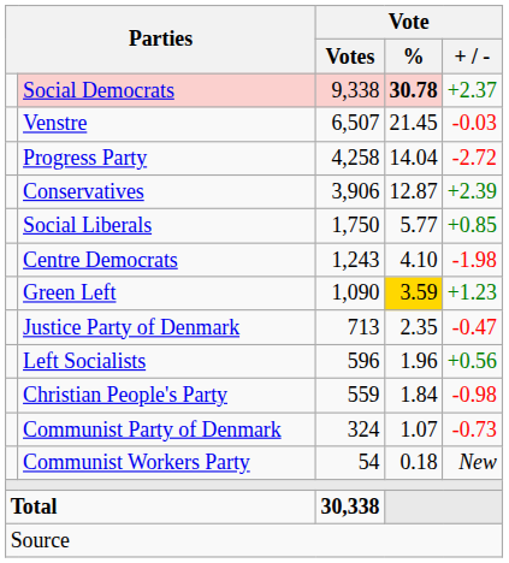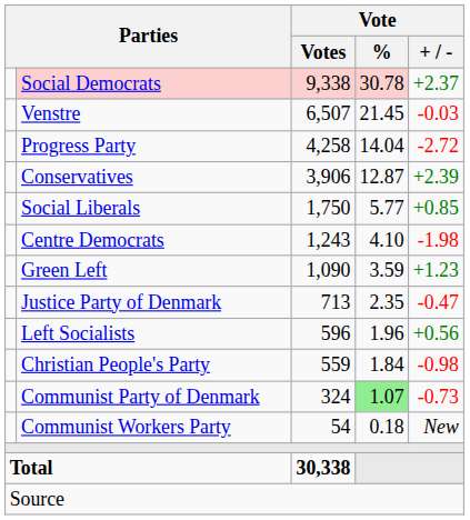 <table class="wikitable" style="text-align:right;">
 <tr>
 <th style="text-align:centre;" rowspan="2" colspan="2" width="225">Parties</th>
 <th colspan="3">Vote</th>
 </tr>
 <tr>
 <th width="15">Votes</th>
 <th width="15">%</th>
 <th width="15">+ / -</th>
 </tr>
 <tr>
 <td width="2" style="color:inherit;background:"></td>
 <td bgcolor=#fbd0ce  align="left"><a href='#'>Social Democrats</a></td>
 <td bgcolor=#fbd0ce>9,338</td>
-<td bgcolor=#fbd0ce><strong>30.78</strong></td>
+<td bgcolor=#fbd0ce>30.78</td>
 <td style=color:green;>+2.37</td>
 </tr>
 <tr>
 <td width="2" style="color:inherit;background:"></td>
 <td align="left"><a href='#'>Venstre</a></td>
 <td>6,507</td>
 <td>21.45</td>
 <td style=color:red;>-0.03</td>
 </tr>
 <tr>
 <td width="2" style="color:inherit;background:"></td>
 <td align="left"><a href='#'>Progress Party</a></td>
 <td>4,258</td>
 <td>14.04</td>
 <td style=color:red;>-2.72</td>
 </tr>
 <tr>
 <td width="2" style="color:inherit;background:"></td>
 <td align="left"><a href='#'>Conservatives</a></td>
 <td>3,906</td>
 <td>12.87</td>
 <td style=color:green;>+2.39</td>
 </tr>
 <tr>
 <td width="2" style="color:inherit;background:"></td>
 <td align="left"><a href='#'>Social Liberals</a></td>
 <td>1,750</td>
 <td>5.77</td>
 <td style=color:green;>+0.85</td>
 </tr>
 <tr>
 <td width="2" style="color:inherit;background:"></td>
 <td align="left"><a href='#'>Centre Democrats</a></td>
 <td>1,243</td>
 <td>4.10</td>
 <td style=color:red;>-1.98</td>
 </tr>
 <tr>
 <td width="2" style="color:inherit;background:"></td>
 <td align="left"><a href='#'>Green Left</a></td>
 <td>1,090</td>
-<td style="background: gold;">3.59</td>
+<td>3.59</td>
 <td style=color:green;>+1.23</td>
 </tr>
 <tr>
 <td width="2" style="color:inherit;background:"></td>
 <td align="left"><a href='#'>Justice Party of Denmark</a></td>
 <td>713</td>
 <td>2.35</td>
 <td style=color:red;>-0.47</td>
 </tr>
 <tr>
 <td width="2" style="color:inherit;background:"></td>
 <td align="left"><a href='#'>Left Socialists</a></td>
 <td>596</td>
 <td>1.96</td>
 <td style=color:green;>+0.56</td>
 </tr>
 <tr>
 <td width="2" style="color:inherit;background:"></td>
 <td align="left"><a href='#'>Christian People's Party</a></td>
 <td>559</td>
 <td>1.84</td>
 <td style=color:red;>-0.98</td>
 </tr>
 <tr>
 <td width="2" style="color:inherit;background:"></td>
 <td align="left"><a href='#'>Communist Party of Denmark</a></td>
 <td>324</td>
-<td>1.07</td>
+<td style="background: lightgreen;">1.07</td>
 <td style=color:red;>-0.73</td>
 </tr>
 <tr>
 <td width="2" style="color:inherit;background:"></td>
 <td align="left"><a href='#'>Communist Workers Party</a></td>
 <td>54</td>
 <td>0.18</td>
 <td><em>New</em></td>
 </tr>
 <tr>
 <td colspan="7" bgcolor="#E9E9E9"></td>
 </tr>
 <tr>
 <td align="left" colspan="2"><strong>Total</strong></td>
 <td><strong>30,338</strong></td>
 <td bgcolor="#E9E9E9" colspan="2"></td>
 </tr>
 <tr>
 <td align="left" colspan="6">Source</td>
 </tr>
 </table>
